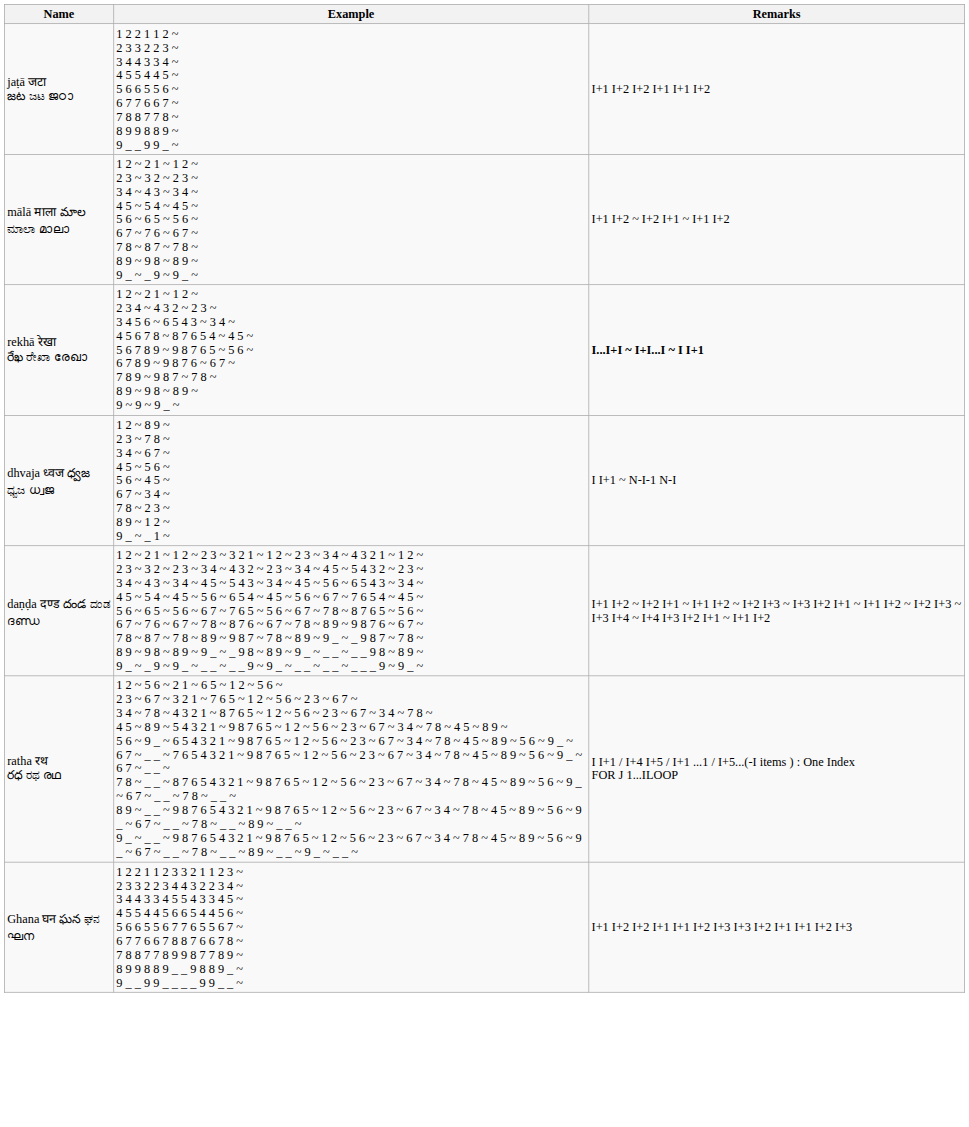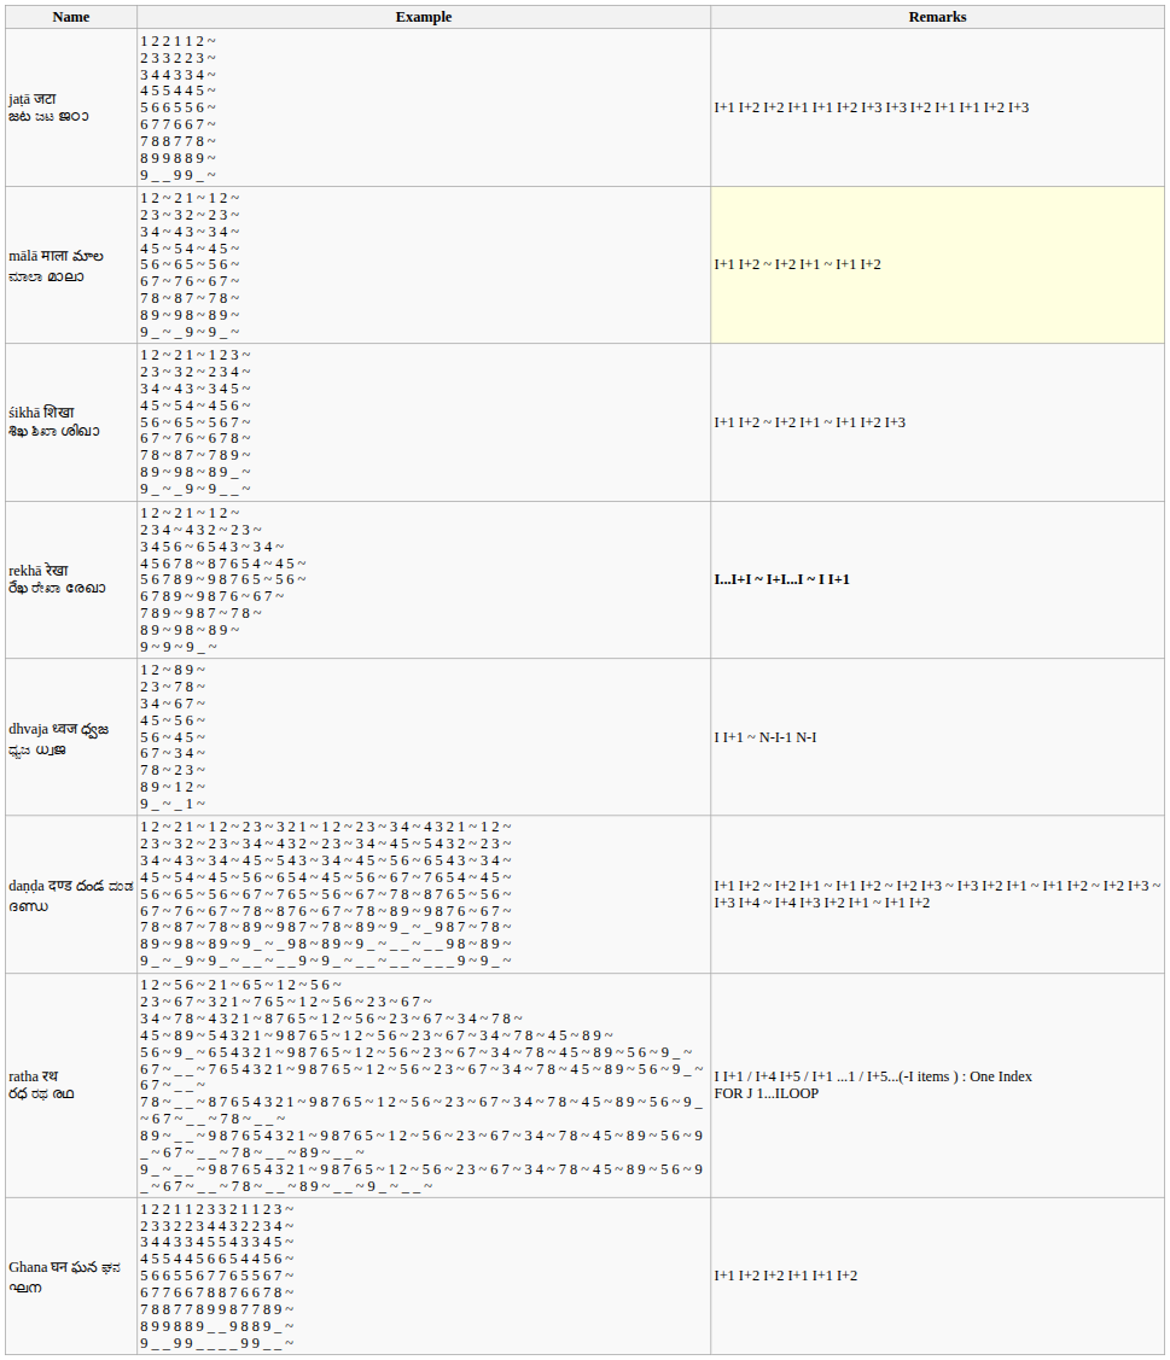 <table class="wikitable">
 <tr>
 <th>Name</th>
 <th>Example</th>
 <th>Remarks</th>
 </tr>
 <tr>
 <td>jaṭā जटा<br>జట ಜಟ  ജഠാ</td>
 <td>1 2 2 1 1 2 ~<br>2 3 3 2 2 3 ~<br>3 4 4 3 3 4 ~<br>4 5 5 4 4 5 ~<br>5 6 6 5 5 6 ~<br>6 7 7 6 6 7 ~<br>7 8 8 7 7 8 ~<br>8 9 9 8 8 9 ~<br>9 _ _ 9 9 _ ~</td>
-<td>I+1 I+2  I+2 I+1  I+1 I+2</td>
+<td>I+1 I+2 I+2 I+1 I+1 I+2 I+3 I+3 I+2 I+1 I+1 I+2 I+3</td>
 </tr>
 <tr>
 <td>mālā माला మాల ಮಾಲಾ മാലാ</td>
 <td>1 2 ~ 2 1 ~ 1 2 ~<br>2 3 ~ 3 2 ~ 2 3 ~<br>3 4 ~ 4 3 ~ 3 4 ~<br>4 5 ~ 5 4 ~ 4 5 ~<br>5 6 ~ 6 5 ~ 5 6 ~<br>6 7 ~ 7 6 ~ 6 7 ~<br>7 8 ~ 8 7 ~ 7 8 ~<br>8 9 ~ 9 8 ~ 8 9 ~<br>9 _ ~ _ 9 ~ 9 _ ~</td>
-<td>I+1 I+2 ~ I+2 I+1 ~ I+1 I+2</td>
+<td style="background: lightyellow;">I+1 I+2 ~ I+2 I+1 ~ I+1 I+2</td>
+</tr>
+<tr>
+<td>śikhā शिखा<br>శిఖ ಶಿಖಾ ശിഖാ</td>
+<td>1 2 ~ 2 1 ~ 1 2 3 ~<br>2 3 ~ 3 2 ~ 2 3 4 ~<br>3 4 ~ 4 3 ~ 3 4 5 ~<br>4 5 ~ 5 4 ~ 4 5 6 ~<br>5 6 ~ 6 5 ~ 5 6 7 ~<br>6 7 ~ 7 6 ~ 6 7 8 ~<br>7 8 ~ 8 7 ~ 7 8 9 ~<br>8 9 ~ 9 8 ~ 8 9 _ ~<br>9 _ ~ _ 9 ~ 9 _ _ ~</td>
+<td>I+1 I+2 ~ I+2 I+1 ~ I+1 I+2 I+3</td>
 </tr>
 <tr>
 <td>rekhā रेखा<br>రేఖ ರೇಖಾ രേഖാ</td>
 <td>1 2 ~ 2 1 ~ 1 2 ~<br>2 3 4 ~ 4 3 2 ~ 2 3 ~<br>3 4 5 6 ~ 6 5 4 3 ~ 3 4 ~<br>4 5 6 7 8 ~ 8 7 6 5 4 ~ 4 5 ~<br>5 6 7 8 9 ~ 9 8 7 6 5 ~ 5 6 ~<br>6 7 8 9 ~ 9 8 7 6 ~ 6 7 ~<br>7 8 9 ~ 9 8 7 ~ 7 8 ~<br>8 9 ~ 9 8 ~ 8 9 ~<br>9 ~ 9 ~ 9 _ ~</td>
 <td><strong>I...I+I ~ I+I...I ~ I I+1</strong></td>
 </tr>
 <tr>
 <td>dhvaja ध्वज ధ్వజ ಧ್ವಜ ധ്വജ</td>
 <td>1 2 ~ 8 9 ~<br>2 3 ~ 7 8 ~<br>3 4 ~ 6 7 ~<br>4 5 ~ 5 6 ~<br>5 6 ~ 4 5 ~<br>6 7 ~ 3 4 ~<br>7 8 ~ 2 3 ~<br>8 9 ~ 1 2 ~<br>9 _ ~ _ 1 ~</td>
 <td>I I+1 ~ N-I-1 N-I</td>
 </tr>
 <tr>
 <td>daṇḍa दण्ड దండ ದಂಡ ദണ്ഡ</td>
 <td>1 2 ~ 2 1 ~ 1 2 ~ 2 3 ~ 3 2 1 ~ 1 2 ~ 2 3 ~ 3 4 ~ 4 3 2 1 ~ 1 2 ~<br>2 3 ~ 3 2 ~ 2 3 ~ 3 4 ~ 4 3 2 ~ 2 3 ~ 3 4 ~ 4 5 ~ 5 4 3 2 ~ 2 3 ~<br>3 4 ~ 4 3 ~ 3 4 ~ 4 5 ~ 5 4 3 ~ 3 4 ~ 4 5 ~ 5 6 ~ 6 5 4 3 ~ 3 4 ~<br>4 5 ~ 5 4 ~ 4 5 ~ 5 6 ~ 6 5 4 ~ 4 5 ~ 5 6 ~ 6 7 ~ 7 6 5 4 ~ 4 5 ~<br>5 6 ~ 6 5 ~ 5 6 ~ 6 7 ~ 7 6 5 ~ 5 6 ~ 6 7 ~ 7 8 ~ 8 7 6 5 ~ 5 6 ~<br>6 7 ~ 7 6 ~ 6 7 ~ 7 8 ~ 8 7 6 ~ 6 7 ~ 7 8 ~ 8 9 ~ 9 8 7 6 ~ 6 7 ~<br>7 8 ~ 8 7 ~ 7 8 ~ 8 9 ~ 9 8 7 ~ 7 8 ~ 8 9 ~ 9 _ ~ _ 9 8 7 ~ 7 8 ~<br>8 9 ~ 9 8 ~ 8 9 ~ 9 _ ~ _ 9 8 ~ 8 9 ~ 9 _ ~ _ _ ~ _ _ 9 8 ~ 8 9 ~<br>9 _ ~ _ 9 ~ 9 _ ~ _ _ ~ _ _ 9 ~ 9 _ ~ _ _ ~ _ _ ~ _ _ _ 9 ~ 9 _ ~</td>
 <td>I+1 I+2 ~ I+2 I+1 ~ I+1 I+2 ~ I+2 I+3 ~  I+3 I+2 I+1 ~ I+1 I+2 ~ I+2 I+3 ~ I+3 I+4 ~ I+4 I+3 I+2 I+1 ~ I+1 I+2</td>
 </tr>
 <tr>
 <td>ratha रथ<br>రధ ರಥ രഥ</td>
 <td>1 2 ~ 5 6 ~ 2 1 ~ 6 5 ~ 1 2 ~ 5 6 ~<br>2 3 ~ 6 7 ~ 3 2 1 ~ 7 6 5 ~ 1 2 ~ 5 6 ~ 2 3 ~ 6 7 ~<br>3 4 ~ 7 8 ~ 4 3 2 1 ~ 8 7 6 5 ~ 1 2 ~ 5 6 ~ 2 3 ~ 6 7 ~ 3 4 ~ 7 8 ~<br>4 5 ~ 8 9 ~ 5 4 3 2 1 ~ 9 8 7 6 5 ~ 1 2 ~ 5 6 ~ 2 3 ~ 6 7 ~ 3 4 ~ 7 8 ~ 4 5 ~ 8 9 ~<br>5 6 ~ 9 _ ~ 6 5 4 3 2 1 ~ 9 8 7 6 5 ~ 1 2 ~ 5 6 ~ 2 3 ~ 6 7 ~ 3 4 ~ 7 8 ~ 4 5 ~ 8 9 ~ 5 6 ~ 9 _ ~<br>6 7 ~ _ _ ~ 7 6 5 4 3 2 1 ~ 9 8 7 6 5 ~ 1 2 ~ 5 6 ~ 2 3 ~ 6 7 ~ 3 4 ~ 7 8 ~ 4 5 ~ 8 9 ~ 5 6 ~ 9 _ ~ 6 7 ~ _ _ ~<br>7 8 ~ _ _ ~ 8 7 6 5 4 3 2 1 ~ 9 8 7 6 5 ~ 1 2 ~ 5 6 ~ 2 3 ~ 6 7 ~ 3 4 ~ 7 8 ~ 4 5 ~ 8 9 ~ 5 6 ~ 9 _ ~ 6 7 ~ _ _ ~ 7 8 ~ _ _ ~<br>8 9 ~ _ _ ~ 9 8 7 6 5 4 3 2 1 ~ 9 8 7 6 5 ~ 1 2 ~ 5 6 ~ 2 3 ~ 6 7 ~ 3 4 ~ 7 8 ~ 4 5 ~ 8 9 ~ 5 6 ~ 9 _ ~ 6 7 ~ _ _ ~ 7 8 ~ _ _ ~ 8 9 ~ _ _ ~<br>9 _ ~ _ _ ~ 9 8 7 6 5 4 3 2 1 ~ 9 8 7 6 5 ~ 1 2 ~ 5 6 ~ 2 3 ~ 6 7 ~ 3 4 ~ 7 8 ~ 4 5 ~ 8 9 ~ 5 6 ~ 9 _ ~ 6 7 ~ _ _ ~ 7 8 ~ _ _ ~ 8 9 ~ _ _ ~ 9 _ ~ _ _ ~</td>
 <td>I I+1 / I+4 I+5 / I+1 ...1 / I+5...(-I items ) : One Index<br>FOR J 1...ILOOP</td>
 </tr>
 <tr>
 <td>Ghana घन ఘన ಘನ ഘന</td>
 <td>1 2 2 1 1 2 3 3 2 1 1 2 3 ~<br>2 3 3 2 2 3 4 4 3 2 2 3 4 ~<br>3 4 4 3 3 4 5 5 4 3 3 4 5 ~<br>4 5 5 4 4 5 6 6 5 4 4 5 6 ~<br>5 6 6 5 5 6 7 7 6 5 5 6 7 ~<br>6 7 7 6 6 7 8 8 7 6 6 7 8 ~<br>7 8 8 7 7 8 9 9 8 7 7 8 9 ~<br>8 9 9 8 8 9 _ _ 9 8 8 9 _ ~<br>9 _ _ 9 9 _ _ _ _ 9 9 _ _ ~</td>
-<td>I+1 I+2 I+2 I+1 I+1 I+2 I+3 I+3 I+2 I+1 I+1 I+2 I+3</td>
+<td>I+1 I+2  I+2 I+1  I+1 I+2</td>
 </tr>
 </table>
